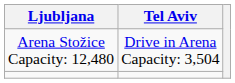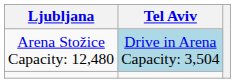 <table class="wikitable" style="text-align:center;">
 <tr>
 <th><a href='#'>Ljubljana</a></th>
 <th><a href='#'>Tel Aviv</a></th>
 <th rowspan=9></th>
 </tr>
 <tr>
 <td><a href='#'>Arena Stožice</a><br>Capacity: 12,480</td>
-<td><a href='#'>Drive in Arena</a><br>Capacity: 3,504</td>
+<td style="background: lightblue;"><a href='#'>Drive in Arena</a><br>Capacity: 3,504</td>
 </tr>
 <tr>
 <td></td>
 <td></td>
 </tr>
 </table>
